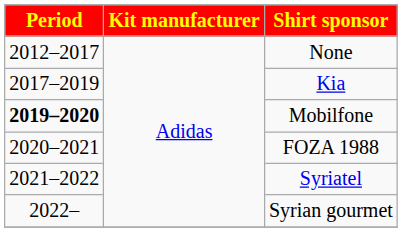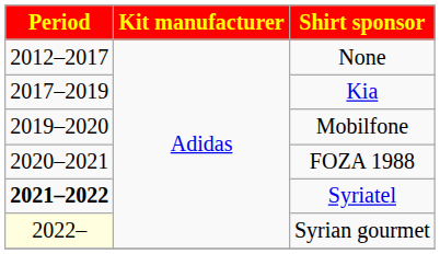 <table class="wikitable" style="text-align: center">
 <tr>
 <th style="color:#FFFF00; background: #FF0000;">Period</th>
 <th style="color:#FFFF00; background: #FF0000;">Kit manufacturer</th>
 <th style="color:#FFFF00; background: #FF0000;">Shirt sponsor</th>
 </tr>
 <tr>
 <td>2012–2017</td>
 <td rowspan=6><a href='#'>Adidas</a></td>
 <td>None</td>
 </tr>
 <tr>
 <td>2017–2019</td>
 <td><a href='#'>Kia</a></td>
 </tr>
 <tr>
-<td><strong>2019–2020</strong></td>
+<td>2019–2020</td>
 <td>Mobilfone</td>
 </tr>
 <tr>
 <td>2020–2021</td>
 <td>FOZA 1988</td>
 </tr>
 <tr>
-<td>2021–2022</td>
+<td><strong>2021–2022</strong></td>
 <td><a href='#'>Syriatel</a></td>
 </tr>
 <tr>
-<td>2022–</td>
+<td style="background: lightyellow;">2022–</td>
 <td>Syrian gourmet</td>
 </tr>
 <tr>
 </tr>
 </table>
